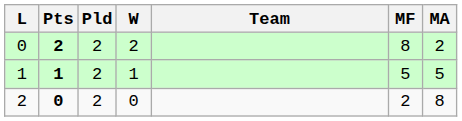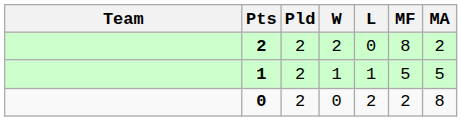 <table class=wikitable style="text-align:center">
 <tr>
-<th width=20>L</th>
+<th width=175>Team</th>
 <th width=20>Pts</th>
 <th width=20>Pld</th>
 <th width=20>W</th>
-<th width=175>Team</th>
+<th width=20>L</th>
 <th width=20>MF</th>
 <th width=20>MA</th>
 </tr>
 <tr bgcolor=ccffcc>
-<td>0</td>
+<td style="text-align:left"><strong></strong></td>
 <td><strong>2</strong></td>
 <td>2</td>
 <td>2</td>
-<td style="text-align:left"><strong></strong></td>
+<td>0</td>
 <td>8</td>
 <td>2</td>
 </tr>
 <tr bgcolor=ccffcc>
-<td>1</td>
+<td style="text-align:left"><strong></strong></td>
 <td><strong>1</strong></td>
 <td>2</td>
 <td>1</td>
-<td style="text-align:left"><strong></strong></td>
+<td>1</td>
 <td>5</td>
 <td>5</td>
 </tr>
 <tr>
-<td>2</td>
+<td style="text-align:left"></td>
 <td><strong>0</strong></td>
 <td>2</td>
 <td>0</td>
-<td style="text-align:left"></td>
+<td>2</td>
 <td>2</td>
 <td>8</td>
 </tr>
 </table>
